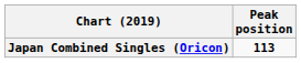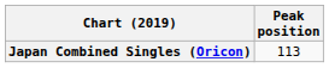 <table class="wikitable sortable plainrowheaders" style="text-align:center">
 <tr>
 <th scope="col">Chart (2019)</th>
 <th scope="col">Peak<br>position</th>
 </tr>
 <tr>
 <th scope="row">Japan Combined Singles (<a href='#'>Oricon</a>)</th>
-<td><strong>113</strong></td>
+<td>113</td>
 </tr>
 </table>
